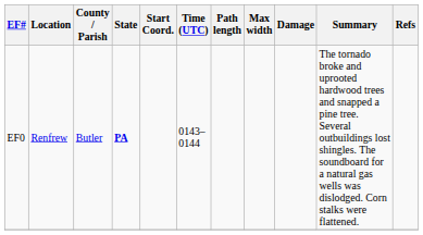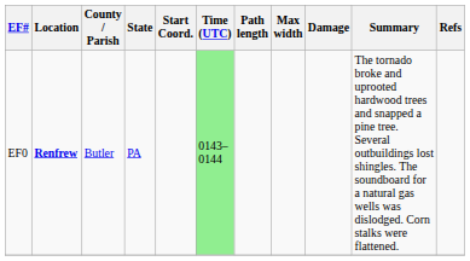 <table class="wikitable sortable" style="width:100%;">
 <tr>
 <th scope="col" width="3%" align="center"><a href='#'>EF#</a></th>
 <th scope="col" width="7%" align="center" class="unsortable">Location</th>
 <th scope="col" width="6%" align="center" class="unsortable">County / Parish</th>
 <th scope="col" width="5%" align="center">State</th>
 <th scope="col" width="6%" align="center">Start Coord.</th>
 <th scope="col" width="6%" align="center">Time (<a href='#'>UTC</a>)</th>
 <th scope="col" width="6%" align="center">Path length</th>
 <th scope="col" width="6%" align="center">Max width</th>
 <th scope="col" width="6%" align="center">Damage</th>
 <th scope="col" width="48%" class="unsortable" align="center">Summary</th>
 <th scope="col" width="48%" class="unsortable" align="center">Refs</th>
 </tr>
 <tr>
 <td>EF0</td>
-<td><a href='#'>Renfrew</a></td>
+<td><strong><a href='#'>Renfrew</a></strong></td>
 <td><a href='#'>Butler</a></td>
-<td><strong><a href='#'>PA</a></strong></td>
+<td><a href='#'>PA</a></td>
 <td></td>
-<td>0143–0144</td>
+<td style="background: lightgreen;">0143–0144</td>
 <td></td>
 <td></td>
 <td></td>
 <td>The tornado broke and uprooted hardwood trees and snapped a pine tree. Several outbuildings lost shingles. The soundboard for a natural gas wells was dislodged. Corn stalks were flattened.</td>
 <td></td>
 </tr>
 <tr>
 </tr>
 </table>
